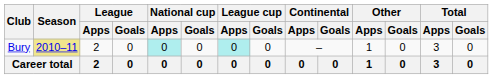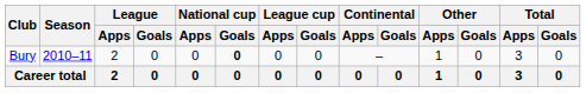 <table class="wikitable" style="text-align:center">
 <tr>
 <th rowspan="2">Club</th>
 <th rowspan="2">Season</th>
 <th colspan="2">League</th>
 <th colspan="2">National cup</th>
 <th colspan="2">League cup</th>
 <th colspan="2">Continental</th>
 <th colspan="2">Other</th>
 <th colspan="2">Total</th>
 </tr>
 <tr>
 <th>Apps</th>
 <th>Goals</th>
 <th>Apps</th>
 <th>Goals</th>
 <th>Apps</th>
 <th>Goals</th>
 <th>Apps</th>
 <th>Goals</th>
 <th>Apps</th>
 <th>Goals</th>
 <th>Apps</th>
 <th>Goals</th>
 </tr>
 <tr>
 <td><a href='#'>Bury</a></td>
-<td style="background: khaki;"><a href='#'>2010–11</a></td>
+<td><a href='#'>2010–11</a></td>
 <td>2</td>
 <td>0</td>
-<td style="background: paleturquoise;">0</td>
 <td>0</td>
-<td style="background: paleturquoise;">0</td>
+<td><strong>0</strong></td>
+<td>0</td>
 <td>0</td>
 <td colspan="2">–</td>
 <td>1</td>
 <td>0</td>
 <td>3</td>
 <td>0</td>
 </tr>
 <tr>
 <th colspan="2">Career total</th>
 <th>2</th>
 <th>0</th>
 <th>0</th>
 <th>0</th>
 <th>0</th>
 <th>0</th>
 <th>0</th>
 <th>0</th>
 <th>1</th>
 <th>0</th>
 <th>3</th>
 <th>0</th>
 </tr>
 </table>
